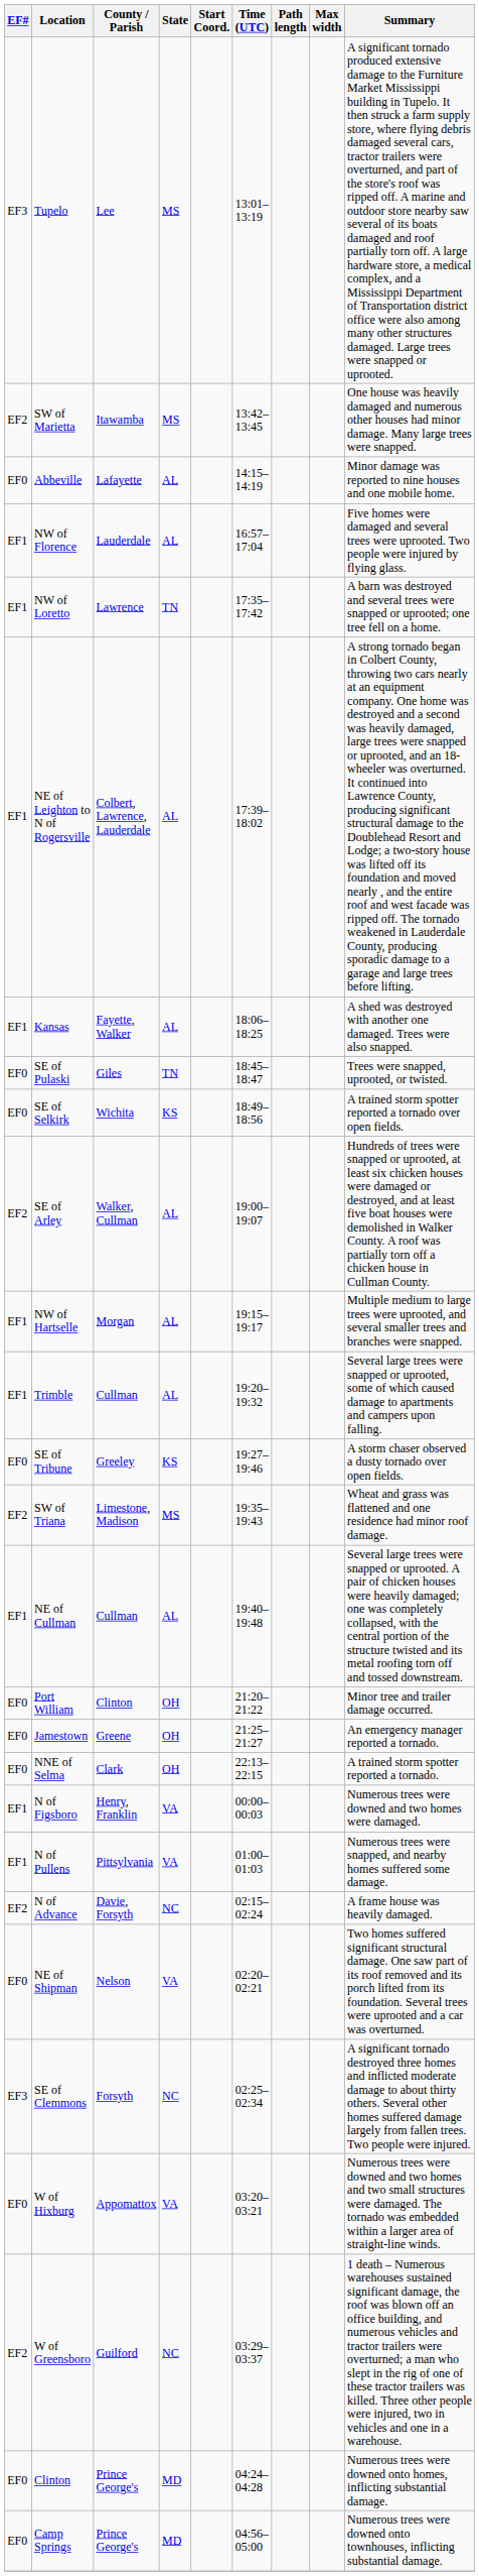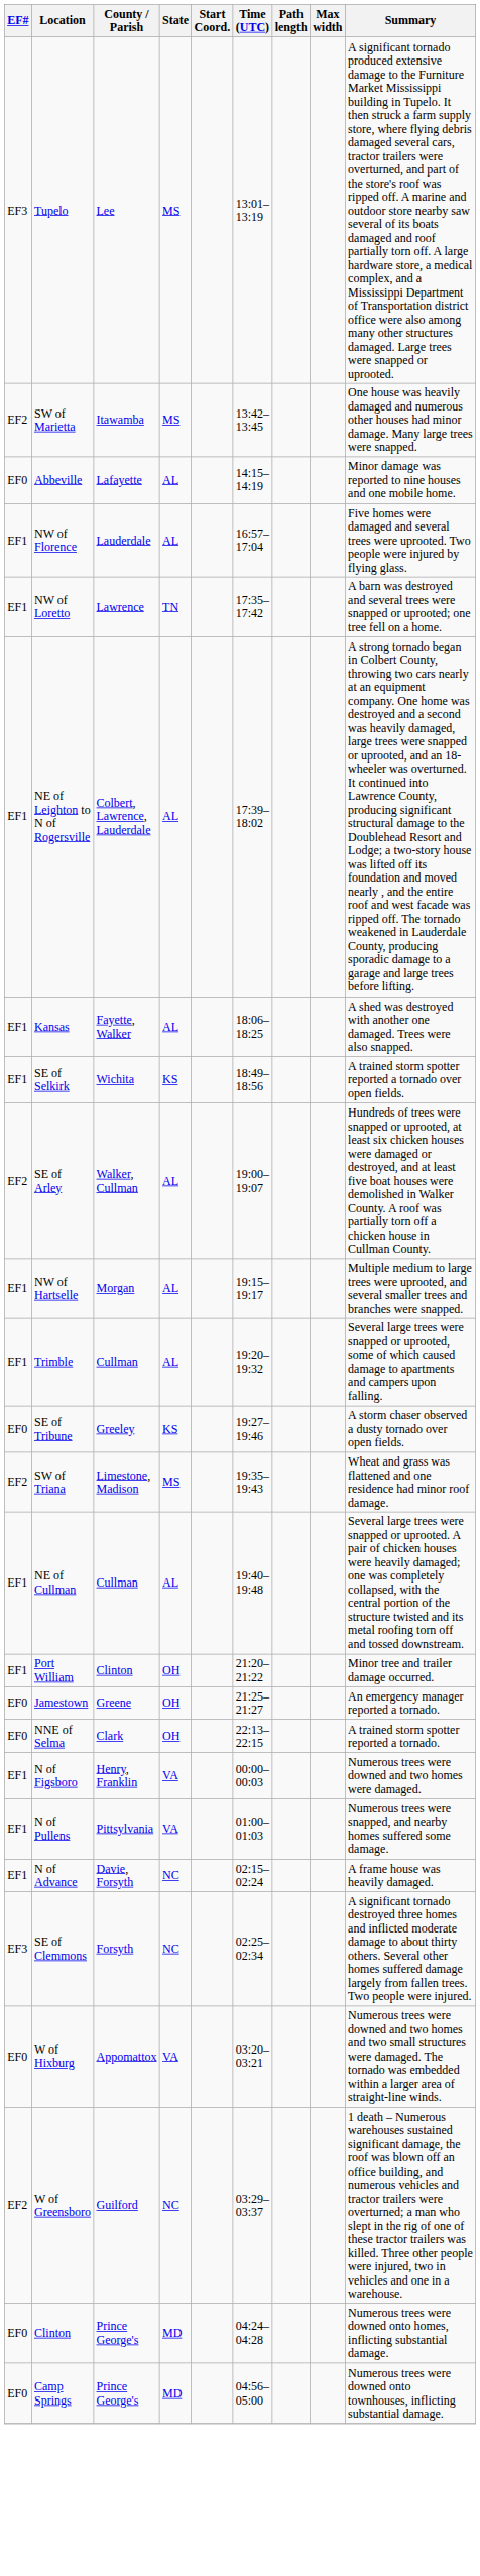 <table class="wikitable sortable" style="width:100%;">
 <tr>
 <th scope="col" width="3%" align="center"><a href='#'>EF#</a></th>
 <th scope="col" width="7%" align="center" class="unsortable">Location</th>
 <th scope="col" width="6%" align="center" class="unsortable">County / Parish</th>
 <th scope="col" width="5%" align="center">State</th>
 <th scope="col" width="6%" align="center">Start Coord.</th>
 <th scope="col" width="6%" align="center">Time (<a href='#'>UTC</a>)</th>
 <th scope="col" width="6%" align="center">Path length</th>
 <th scope="col" width="6%" align="center">Max width</th>
 <th scope="col" width="48%" class="unsortable" align="center">Summary</th>
 </tr>
 <tr>
 <td>EF3</td>
 <td><a href='#'>Tupelo</a></td>
 <td><a href='#'>Lee</a></td>
 <td><a href='#'>MS</a></td>
 <td></td>
 <td>13:01–13:19</td>
 <td></td>
 <td></td>
 <td>A significant tornado produced extensive damage to the Furniture Market Mississippi building in Tupelo. It then struck a farm supply store, where flying debris damaged several cars, tractor trailers were overturned, and part of the store's roof was ripped off. A marine and outdoor store nearby saw several of its boats damaged and roof partially torn off. A large hardware store, a medical complex, and a Mississippi Department of Transportation district office were also among many other structures damaged. Large trees were snapped or uprooted.</td>
 </tr>
 <tr>
 <td>EF2</td>
 <td>SW of <a href='#'>Marietta</a></td>
 <td><a href='#'>Itawamba</a></td>
 <td><a href='#'>MS</a></td>
 <td></td>
 <td>13:42–13:45</td>
 <td></td>
 <td></td>
 <td>One house was heavily damaged and numerous other houses had minor damage. Many large trees were snapped.</td>
 </tr>
 <tr>
 <td>EF0</td>
 <td><a href='#'>Abbeville</a></td>
 <td><a href='#'>Lafayette</a></td>
 <td><a href='#'>AL</a></td>
 <td></td>
 <td>14:15–14:19</td>
 <td></td>
 <td></td>
 <td>Minor damage was reported to nine houses and one mobile home.</td>
 </tr>
 <tr>
 <td>EF1</td>
 <td>NW of <a href='#'>Florence</a></td>
 <td><a href='#'>Lauderdale</a></td>
 <td><a href='#'>AL</a></td>
 <td></td>
 <td>16:57–17:04</td>
 <td></td>
 <td></td>
 <td>Five homes were damaged and several trees were uprooted. Two people were injured by flying glass.</td>
 </tr>
 <tr>
 <td>EF1</td>
 <td>NW of <a href='#'>Loretto</a></td>
 <td><a href='#'>Lawrence</a></td>
 <td><a href='#'>TN</a></td>
 <td></td>
 <td>17:35–17:42</td>
 <td></td>
 <td></td>
 <td>A barn was destroyed and several trees were snapped or uprooted; one tree fell on a home.</td>
 </tr>
 <tr>
 <td>EF1</td>
 <td>NE of <a href='#'>Leighton</a> to N of <a href='#'>Rogersville</a></td>
 <td><a href='#'>Colbert</a>, <a href='#'>Lawrence</a>, <a href='#'>Lauderdale</a></td>
 <td><a href='#'>AL</a></td>
 <td></td>
 <td>17:39–18:02</td>
 <td></td>
 <td></td>
 <td>A strong tornado began in Colbert County, throwing two cars nearly  at an equipment company. One home was destroyed and a second was heavily damaged, large trees were snapped or uprooted, and an 18-wheeler was overturned. It continued into Lawrence County, producing significant structural damage to the Doublehead Resort and Lodge; a two-story house was lifted off its foundation and moved nearly , and the entire roof and west facade was ripped off. The tornado weakened in Lauderdale County, producing sporadic damage to a garage and large trees before lifting.</td>
 </tr>
 <tr>
 <td>EF1</td>
 <td><a href='#'>Kansas</a></td>
 <td><a href='#'>Fayette</a>, <a href='#'>Walker</a></td>
 <td><a href='#'>AL</a></td>
 <td></td>
 <td>18:06–18:25</td>
 <td></td>
 <td></td>
 <td>A shed was destroyed with another one damaged. Trees were also snapped.</td>
 </tr>
 <tr>
-<td>EF0</td>
-<td>SE of <a href='#'>Pulaski</a></td>
-<td><a href='#'>Giles</a></td>
-<td><a href='#'>TN</a></td>
-<td></td>
-<td>18:45–18:47</td>
-<td></td>
-<td></td>
-<td>Trees were snapped, uprooted, or twisted.</td>
-</tr>
-<tr>
-<td>EF0</td>
+<td>EF1</td>
 <td>SE of <a href='#'>Selkirk</a></td>
 <td><a href='#'>Wichita</a></td>
 <td><a href='#'>KS</a></td>
 <td></td>
 <td>18:49–18:56</td>
 <td></td>
 <td></td>
 <td>A trained storm spotter reported a tornado over open fields.</td>
 </tr>
 <tr>
 <td>EF2</td>
 <td>SE of <a href='#'>Arley</a></td>
 <td><a href='#'>Walker</a>, <a href='#'>Cullman</a></td>
 <td><a href='#'>AL</a></td>
 <td></td>
 <td>19:00–19:07</td>
 <td></td>
 <td></td>
 <td>Hundreds of trees were snapped or uprooted, at least six chicken houses were damaged or destroyed, and at least five boat houses were demolished in Walker County. A roof was partially torn off a chicken house in Cullman County.</td>
 </tr>
 <tr>
 <td>EF1</td>
 <td>NW of <a href='#'>Hartselle</a></td>
 <td><a href='#'>Morgan</a></td>
 <td><a href='#'>AL</a></td>
 <td></td>
 <td>19:15–19:17</td>
 <td></td>
 <td></td>
 <td>Multiple medium to large trees were uprooted, and several smaller trees and branches were snapped.</td>
 </tr>
 <tr>
 <td>EF1</td>
 <td><a href='#'>Trimble</a></td>
 <td><a href='#'>Cullman</a></td>
 <td><a href='#'>AL</a></td>
 <td></td>
 <td>19:20–19:32</td>
 <td></td>
 <td></td>
 <td>Several large trees were snapped or uprooted, some of which caused damage to apartments and campers upon falling.</td>
 </tr>
 <tr>
 <td>EF0</td>
 <td>SE of <a href='#'>Tribune</a></td>
 <td><a href='#'>Greeley</a></td>
 <td><a href='#'>KS</a></td>
 <td></td>
 <td>19:27–19:46</td>
 <td></td>
 <td></td>
 <td>A storm chaser observed a dusty tornado over open fields.</td>
 </tr>
 <tr>
 <td>EF2</td>
 <td>SW of <a href='#'>Triana</a></td>
 <td><a href='#'>Limestone</a>, <a href='#'>Madison</a></td>
 <td><a href='#'>MS</a></td>
 <td></td>
 <td>19:35–19:43</td>
 <td></td>
 <td></td>
 <td>Wheat and grass was flattened and one residence had minor roof damage.</td>
 </tr>
 <tr>
 <td>EF1</td>
 <td>NE of <a href='#'>Cullman</a></td>
 <td><a href='#'>Cullman</a></td>
 <td><a href='#'>AL</a></td>
 <td></td>
 <td>19:40–19:48</td>
 <td></td>
 <td></td>
 <td>Several large trees were snapped or uprooted. A pair of chicken houses were heavily damaged; one was completely collapsed, with the central portion of the structure twisted and its metal roofing torn off and tossed downstream.</td>
 </tr>
 <tr>
-<td>EF0</td>
+<td>EF1</td>
 <td><a href='#'>Port William</a></td>
 <td><a href='#'>Clinton</a></td>
 <td><a href='#'>OH</a></td>
 <td></td>
 <td>21:20–21:22</td>
 <td></td>
 <td></td>
 <td>Minor tree and trailer damage occurred.</td>
 </tr>
 <tr>
 <td>EF0</td>
 <td><a href='#'>Jamestown</a></td>
 <td><a href='#'>Greene</a></td>
 <td><a href='#'>OH</a></td>
 <td></td>
 <td>21:25–21:27</td>
 <td></td>
 <td></td>
 <td>An emergency manager reported a tornado.</td>
 </tr>
 <tr>
 <td>EF0</td>
 <td>NNE of <a href='#'>Selma</a></td>
 <td><a href='#'>Clark</a></td>
 <td><a href='#'>OH</a></td>
 <td></td>
 <td>22:13–22:15</td>
 <td></td>
 <td></td>
 <td>A trained storm spotter reported a tornado.</td>
 </tr>
 <tr>
 <td>EF1</td>
 <td>N of <a href='#'>Figsboro</a></td>
 <td><a href='#'>Henry</a>, <a href='#'>Franklin</a></td>
 <td><a href='#'>VA</a></td>
 <td></td>
 <td>00:00–00:03</td>
 <td></td>
 <td></td>
 <td>Numerous trees were downed and two homes were damaged.</td>
 </tr>
 <tr>
 <td>EF1</td>
 <td>N of <a href='#'>Pullens</a></td>
 <td><a href='#'>Pittsylvania</a></td>
 <td><a href='#'>VA</a></td>
 <td></td>
 <td>01:00–01:03</td>
 <td></td>
 <td></td>
 <td>Numerous trees were snapped, and nearby homes suffered some damage.</td>
 </tr>
 <tr>
-<td>EF2</td>
+<td>EF1</td>
 <td>N of <a href='#'>Advance</a></td>
 <td><a href='#'>Davie</a>, <a href='#'>Forsyth</a></td>
 <td><a href='#'>NC</a></td>
 <td></td>
 <td>02:15–02:24</td>
 <td></td>
 <td></td>
 <td>A frame house was heavily damaged.</td>
-</tr>
-<tr>
-<td>EF0</td>
-<td>NE of <a href='#'>Shipman</a></td>
-<td><a href='#'>Nelson</a></td>
-<td><a href='#'>VA</a></td>
-<td></td>
-<td>02:20–02:21</td>
-<td></td>
-<td></td>
-<td>Two homes suffered significant structural damage. One saw part of its roof removed and its porch lifted from its foundation. Several trees were uprooted and a car was overturned.</td>
 </tr>
 <tr>
 <td>EF3</td>
 <td>SE of <a href='#'>Clemmons</a></td>
 <td><a href='#'>Forsyth</a></td>
 <td><a href='#'>NC</a></td>
 <td></td>
 <td>02:25–02:34</td>
 <td></td>
 <td></td>
 <td>A significant tornado destroyed three homes and inflicted moderate damage to about thirty others. Several other homes suffered damage largely from fallen trees. Two people were injured.</td>
 </tr>
 <tr>
 <td>EF0</td>
 <td>W of <a href='#'>Hixburg</a></td>
 <td><a href='#'>Appomattox</a></td>
 <td><a href='#'>VA</a></td>
 <td></td>
 <td>03:20–03:21</td>
 <td></td>
 <td></td>
 <td>Numerous trees were downed and two homes and two small structures were damaged. The tornado was embedded within a larger area of straight-line winds.</td>
 </tr>
 <tr>
 <td>EF2</td>
 <td>W of <a href='#'>Greensboro</a></td>
 <td><a href='#'>Guilford</a></td>
 <td><a href='#'>NC</a></td>
 <td></td>
 <td>03:29–03:37</td>
 <td></td>
 <td></td>
 <td>1 death – Numerous warehouses sustained significant damage, the roof was blown off an office building, and numerous vehicles and tractor trailers were overturned; a man who slept in the rig of one of these tractor trailers was killed. Three other people were injured, two in vehicles and one in a warehouse.</td>
 </tr>
 <tr>
 <td>EF0</td>
 <td><a href='#'>Clinton</a></td>
 <td><a href='#'>Prince George's</a></td>
 <td><a href='#'>MD</a></td>
 <td> </td>
 <td>04:24–04:28</td>
 <td></td>
 <td></td>
 <td>Numerous trees were downed onto homes, inflicting substantial damage.</td>
 </tr>
 <tr>
 <td>EF0</td>
 <td><a href='#'>Camp Springs</a></td>
 <td><a href='#'>Prince George's</a></td>
 <td><a href='#'>MD</a></td>
 <td> </td>
 <td>04:56–05:00</td>
 <td></td>
 <td></td>
 <td>Numerous trees were downed onto townhouses, inflicting substantial damage.</td>
 </tr>
 <tr>
 </tr>
 </table>
